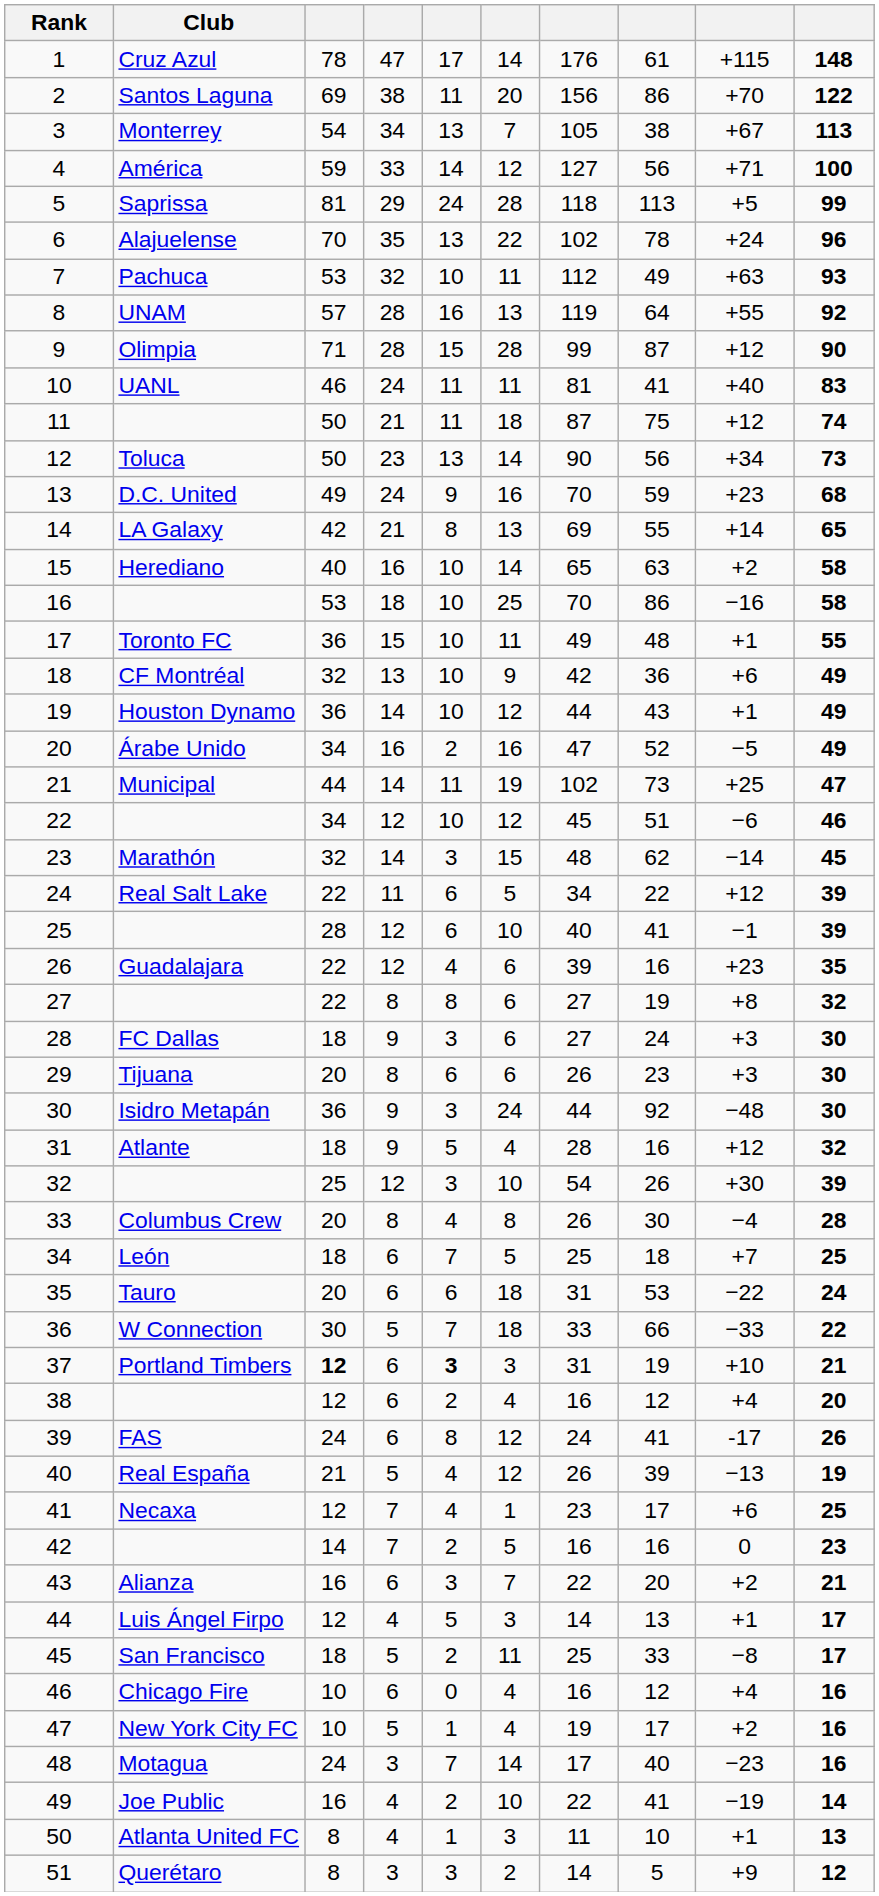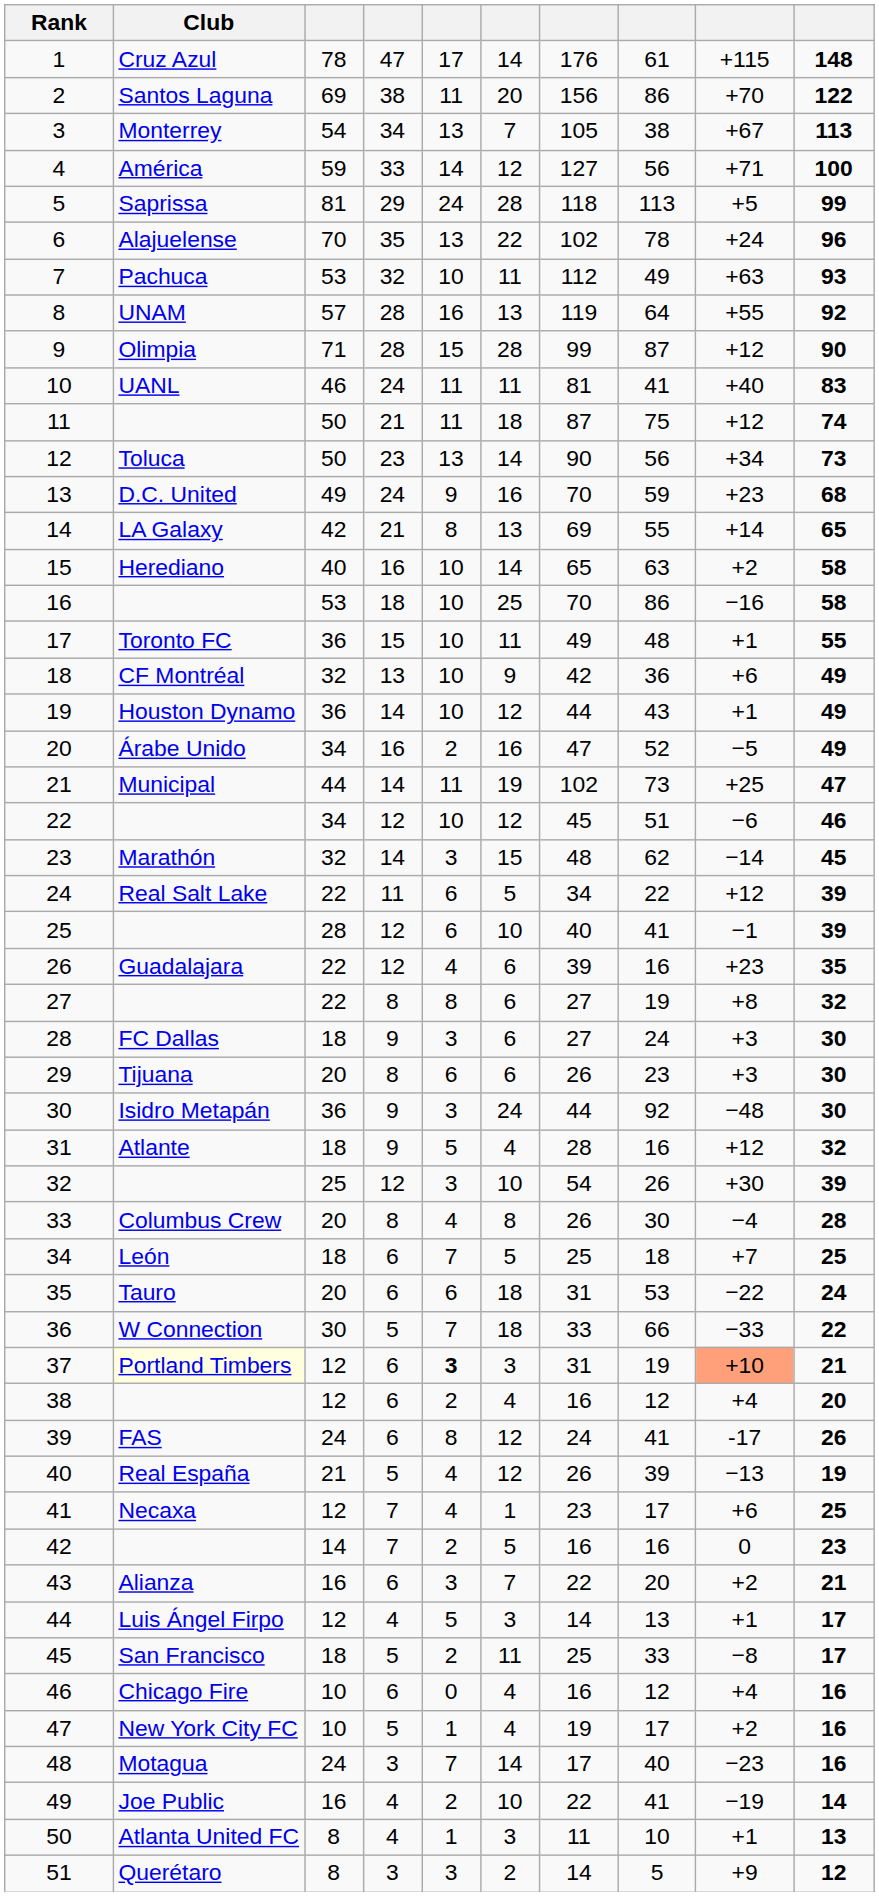 <table class="wikitable sortable" style="text-align:center">
 <tr>
 <th>Rank</th>
 <th width=22%>Club</th>
 <th></th>
 <th></th>
 <th></th>
 <th></th>
 <th></th>
 <th></th>
 <th></th>
 <th></th>
 </tr>
 <tr>
 <td>1</td>
 <td align=left> <a href='#'>Cruz Azul</a></td>
 <td>78</td>
 <td>47</td>
 <td>17</td>
 <td>14</td>
 <td>176</td>
 <td>61</td>
 <td>+115</td>
 <td><strong>148</strong></td>
 </tr>
 <tr>
 <td>2</td>
 <td align=left> <a href='#'>Santos Laguna</a></td>
 <td>69</td>
 <td>38</td>
 <td>11</td>
 <td>20</td>
 <td>156</td>
 <td>86</td>
 <td>+70</td>
 <td><strong>122</strong></td>
 </tr>
 <tr>
 <td>3</td>
 <td align=left> <a href='#'>Monterrey</a></td>
 <td>54</td>
 <td>34</td>
 <td>13</td>
 <td>7</td>
 <td>105</td>
 <td>38</td>
 <td>+67</td>
 <td><strong>113</strong></td>
 </tr>
 <tr>
 <td>4</td>
 <td align=left> <a href='#'>América</a></td>
 <td>59</td>
 <td>33</td>
 <td>14</td>
 <td>12</td>
 <td>127</td>
 <td>56</td>
 <td>+71</td>
 <td><strong>100</strong></td>
 </tr>
 <tr>
 <td>5</td>
 <td align=left> <a href='#'>Saprissa</a></td>
 <td>81</td>
 <td>29</td>
 <td>24</td>
 <td>28</td>
 <td>118</td>
 <td>113</td>
 <td>+5</td>
 <td><strong>99</strong></td>
 </tr>
 <tr>
 <td>6</td>
 <td align=left> <a href='#'>Alajuelense</a></td>
 <td>70</td>
 <td>35</td>
 <td>13</td>
 <td>22</td>
 <td>102</td>
 <td>78</td>
 <td>+24</td>
 <td><strong>96</strong></td>
 </tr>
 <tr>
 <td>7</td>
 <td align=left> <a href='#'>Pachuca</a></td>
 <td>53</td>
 <td>32</td>
 <td>10</td>
 <td>11</td>
 <td>112</td>
 <td>49</td>
 <td>+63</td>
 <td><strong>93</strong></td>
 </tr>
 <tr>
 <td>8</td>
 <td align=left> <a href='#'>UNAM</a></td>
 <td>57</td>
 <td>28</td>
 <td>16</td>
 <td>13</td>
 <td>119</td>
 <td>64</td>
 <td>+55</td>
 <td><strong>92</strong></td>
 </tr>
 <tr>
 <td>9</td>
 <td align=left> <a href='#'>Olimpia</a></td>
 <td>71</td>
 <td>28</td>
 <td>15</td>
 <td>28</td>
 <td>99</td>
 <td>87</td>
 <td>+12</td>
 <td><strong>90</strong></td>
 </tr>
 <tr>
 <td>10</td>
 <td align="left"> <a href='#'>UANL</a></td>
 <td>46</td>
 <td>24</td>
 <td>11</td>
 <td>11</td>
 <td>81</td>
 <td>41</td>
 <td>+40</td>
 <td><strong>83</strong></td>
 </tr>
 <tr>
 <td>11</td>
 <td align=left></td>
 <td>50</td>
 <td>21</td>
 <td>11</td>
 <td>18</td>
 <td>87</td>
 <td>75</td>
 <td>+12</td>
 <td><strong>74</strong></td>
 </tr>
 <tr>
 <td>12</td>
 <td align=left> <a href='#'>Toluca</a></td>
 <td>50</td>
 <td>23</td>
 <td>13</td>
 <td>14</td>
 <td>90</td>
 <td>56</td>
 <td>+34</td>
 <td><strong>73</strong></td>
 </tr>
 <tr>
 <td>13</td>
 <td align=left> <a href='#'>D.C. United</a></td>
 <td>49</td>
 <td>24</td>
 <td>9</td>
 <td>16</td>
 <td>70</td>
 <td>59</td>
 <td>+23</td>
 <td><strong>68</strong></td>
 </tr>
 <tr>
 <td>14</td>
 <td align=left> <a href='#'>LA Galaxy</a></td>
 <td>42</td>
 <td>21</td>
 <td>8</td>
 <td>13</td>
 <td>69</td>
 <td>55</td>
 <td>+14</td>
 <td><strong>65</strong></td>
 </tr>
 <tr>
 <td>15</td>
 <td align="left"> <a href='#'>Herediano</a></td>
 <td>40</td>
 <td>16</td>
 <td>10</td>
 <td>14</td>
 <td>65</td>
 <td>63</td>
 <td>+2</td>
 <td><strong>58</strong></td>
 </tr>
 <tr>
 <td>16</td>
 <td align=left></td>
 <td>53</td>
 <td>18</td>
 <td>10</td>
 <td>25</td>
 <td>70</td>
 <td>86</td>
 <td>−16</td>
 <td><strong>58</strong></td>
 </tr>
 <tr>
 <td>17</td>
 <td align=left> <a href='#'>Toronto FC</a></td>
 <td>36</td>
 <td>15</td>
 <td>10</td>
 <td>11</td>
 <td>49</td>
 <td>48</td>
 <td>+1</td>
 <td><strong>55</strong></td>
 </tr>
 <tr>
 <td>18</td>
 <td align="left"> <a href='#'>CF Montréal</a></td>
 <td>32</td>
 <td>13</td>
 <td>10</td>
 <td>9</td>
 <td>42</td>
 <td>36</td>
 <td>+6</td>
 <td><strong>49</strong></td>
 </tr>
 <tr>
 <td>19</td>
 <td align=left> <a href='#'>Houston Dynamo</a></td>
 <td>36</td>
 <td>14</td>
 <td>10</td>
 <td>12</td>
 <td>44</td>
 <td>43</td>
 <td>+1</td>
 <td><strong>49</strong></td>
 </tr>
 <tr>
 <td>20</td>
 <td align=left> <a href='#'>Árabe Unido</a></td>
 <td>34</td>
 <td>16</td>
 <td>2</td>
 <td>16</td>
 <td>47</td>
 <td>52</td>
 <td>−5</td>
 <td><strong>49</strong></td>
 </tr>
 <tr>
 <td>21</td>
 <td align=left> <a href='#'>Municipal</a></td>
 <td>44</td>
 <td>14</td>
 <td>11</td>
 <td>19</td>
 <td>102</td>
 <td>73</td>
 <td>+25</td>
 <td><strong>47</strong></td>
 </tr>
 <tr>
 <td>22</td>
 <td align=left></td>
 <td>34</td>
 <td>12</td>
 <td>10</td>
 <td>12</td>
 <td>45</td>
 <td>51</td>
 <td>−6</td>
 <td><strong>46</strong></td>
 </tr>
 <tr>
 <td>23</td>
 <td align=left> <a href='#'>Marathón</a></td>
 <td>32</td>
 <td>14</td>
 <td>3</td>
 <td>15</td>
 <td>48</td>
 <td>62</td>
 <td>−14</td>
 <td><strong>45</strong></td>
 </tr>
 <tr>
 <td>24</td>
 <td align="left"> <a href='#'>Real Salt Lake</a></td>
 <td>22</td>
 <td>11</td>
 <td>6</td>
 <td>5</td>
 <td>34</td>
 <td>22</td>
 <td>+12</td>
 <td><strong>39</strong></td>
 </tr>
 <tr>
 <td>25</td>
 <td align=left></td>
 <td>28</td>
 <td>12</td>
 <td>6</td>
 <td>10</td>
 <td>40</td>
 <td>41</td>
 <td>−1</td>
 <td><strong>39</strong></td>
 </tr>
 <tr>
 <td>26</td>
 <td align=left> <a href='#'>Guadalajara</a></td>
 <td>22</td>
 <td>12</td>
 <td>4</td>
 <td>6</td>
 <td>39</td>
 <td>16</td>
 <td>+23</td>
 <td><strong>35</strong></td>
 </tr>
 <tr>
 <td>27</td>
 <td align="left"></td>
 <td>22</td>
 <td>8</td>
 <td>8</td>
 <td>6</td>
 <td>27</td>
 <td>19</td>
 <td>+8</td>
 <td><strong>32</strong></td>
 </tr>
 <tr>
 <td>28</td>
 <td align="left"> <a href='#'>FC Dallas</a></td>
 <td>18</td>
 <td>9</td>
 <td>3</td>
 <td>6</td>
 <td>27</td>
 <td>24</td>
 <td>+3</td>
 <td><strong>30</strong></td>
 </tr>
 <tr>
 <td>29</td>
 <td align="left"> <a href='#'>Tijuana</a></td>
 <td>20</td>
 <td>8</td>
 <td>6</td>
 <td>6</td>
 <td>26</td>
 <td>23</td>
 <td>+3</td>
 <td><strong>30</strong></td>
 </tr>
 <tr>
 <td>30</td>
 <td align="left"> <a href='#'>Isidro Metapán</a></td>
 <td>36</td>
 <td>9</td>
 <td>3</td>
 <td>24</td>
 <td>44</td>
 <td>92</td>
 <td>−48</td>
 <td><strong>30</strong></td>
 </tr>
 <tr>
 <td>31</td>
 <td align=left> <a href='#'>Atlante</a></td>
 <td>18</td>
 <td>9</td>
 <td>5</td>
 <td>4</td>
 <td>28</td>
 <td>16</td>
 <td>+12</td>
 <td><strong>32</strong></td>
 </tr>
 <tr>
 <td>32</td>
 <td align=left></td>
 <td>25</td>
 <td>12</td>
 <td>3</td>
 <td>10</td>
 <td>54</td>
 <td>26</td>
 <td>+30</td>
 <td><strong>39</strong></td>
 </tr>
 <tr>
 <td>33</td>
 <td align=left> <a href='#'>Columbus Crew</a></td>
 <td>20</td>
 <td>8</td>
 <td>4</td>
 <td>8</td>
 <td>26</td>
 <td>30</td>
 <td>−4</td>
 <td><strong>28</strong></td>
 </tr>
 <tr>
 <td>34</td>
 <td align=left> <a href='#'>León</a></td>
 <td>18</td>
 <td>6</td>
 <td>7</td>
 <td>5</td>
 <td>25</td>
 <td>18</td>
 <td>+7</td>
 <td><strong>25</strong></td>
 </tr>
 <tr>
 <td>35</td>
 <td align="left"> <a href='#'>Tauro</a></td>
 <td>20</td>
 <td>6</td>
 <td>6</td>
 <td>18</td>
 <td>31</td>
 <td>53</td>
 <td>−22</td>
 <td><strong>24</strong></td>
 </tr>
 <tr>
 <td>36</td>
 <td align=left> <a href='#'>W Connection</a></td>
 <td>30</td>
 <td>5</td>
 <td>7</td>
 <td>18</td>
 <td>33</td>
 <td>66</td>
 <td>−33</td>
 <td><strong>22</strong></td>
 </tr>
 <tr>
 <td>37</td>
-<td align=left> <a href='#'>Portland Timbers</a></td>
-<td><strong>12</strong></td>
+<td align=left style="background: lightyellow;"> <a href='#'>Portland Timbers</a></td>
+<td>12</td>
 <td>6</td>
 <td><strong>3</strong></td>
 <td>3</td>
 <td>31</td>
 <td>19</td>
-<td>+10</td>
+<td style="background: lightsalmon;">+10</td>
 <td><strong>21</strong></td>
 </tr>
 <tr>
 <td>38</td>
 <td align=left></td>
 <td>12</td>
 <td>6</td>
 <td>2</td>
 <td>4</td>
 <td>16</td>
 <td>12</td>
 <td>+4</td>
 <td><strong>20</strong></td>
 </tr>
 <tr>
 <td>39</td>
 <td align=left> <a href='#'>FAS</a></td>
 <td>24</td>
 <td>6</td>
 <td>8</td>
 <td>12</td>
 <td>24</td>
 <td>41</td>
 <td>-17</td>
 <td><strong>26</strong></td>
 </tr>
 <tr>
 <td>40</td>
 <td align=left> <a href='#'>Real España</a></td>
 <td>21</td>
 <td>5</td>
 <td>4</td>
 <td>12</td>
 <td>26</td>
 <td>39</td>
 <td>−13</td>
 <td><strong>19</strong></td>
 </tr>
 <tr>
 <td>41</td>
 <td align=left> <a href='#'>Necaxa</a></td>
 <td>12</td>
 <td>7</td>
 <td>4</td>
 <td>1</td>
 <td>23</td>
 <td>17</td>
 <td>+6</td>
 <td><strong>25</strong></td>
 </tr>
 <tr>
 <td>42</td>
 <td align=left></td>
 <td>14</td>
 <td>7</td>
 <td>2</td>
 <td>5</td>
 <td>16</td>
 <td>16</td>
 <td>0</td>
 <td><strong>23</strong></td>
 </tr>
 <tr>
 <td>43</td>
 <td align=left> <a href='#'>Alianza</a></td>
 <td>16</td>
 <td>6</td>
 <td>3</td>
 <td>7</td>
 <td>22</td>
 <td>20</td>
 <td>+2</td>
 <td><strong>21</strong></td>
 </tr>
 <tr>
 <td>44</td>
 <td align=left> <a href='#'>Luis Ángel Firpo</a></td>
 <td>12</td>
 <td>4</td>
 <td>5</td>
 <td>3</td>
 <td>14</td>
 <td>13</td>
 <td>+1</td>
 <td><strong>17</strong></td>
 </tr>
 <tr>
 <td>45</td>
 <td align=left> <a href='#'>San Francisco</a></td>
 <td>18</td>
 <td>5</td>
 <td>2</td>
 <td>11</td>
 <td>25</td>
 <td>33</td>
 <td>−8</td>
 <td><strong>17</strong></td>
 </tr>
 <tr>
 <td>46</td>
 <td align=left> <a href='#'>Chicago Fire</a></td>
 <td>10</td>
 <td>6</td>
 <td>0</td>
 <td>4</td>
 <td>16</td>
 <td>12</td>
 <td>+4</td>
 <td><strong>16</strong></td>
 </tr>
 <tr>
 <td>47</td>
 <td align="left"> <a href='#'>New York City FC</a></td>
 <td>10</td>
 <td>5</td>
 <td>1</td>
 <td>4</td>
 <td>19</td>
 <td>17</td>
 <td>+2</td>
 <td><strong>16</strong></td>
 </tr>
 <tr>
 <td>48</td>
 <td align=left> <a href='#'>Motagua</a></td>
 <td>24</td>
 <td>3</td>
 <td>7</td>
 <td>14</td>
 <td>17</td>
 <td>40</td>
 <td>−23</td>
 <td><strong>16</strong></td>
 </tr>
 <tr>
 <td>49</td>
 <td align=left> <a href='#'>Joe Public</a></td>
 <td>16</td>
 <td>4</td>
 <td>2</td>
 <td>10</td>
 <td>22</td>
 <td>41</td>
 <td>−19</td>
 <td><strong>14</strong></td>
 </tr>
 <tr>
 <td>50</td>
 <td align="left"> <a href='#'>Atlanta United FC</a></td>
 <td>8</td>
 <td>4</td>
 <td>1</td>
 <td>3</td>
 <td>11</td>
 <td>10</td>
 <td>+1</td>
 <td><strong>13</strong></td>
 </tr>
 <tr>
 <td>51</td>
 <td align=left> <a href='#'>Querétaro</a></td>
 <td>8</td>
 <td>3</td>
 <td>3</td>
 <td>2</td>
 <td>14</td>
 <td>5</td>
 <td>+9</td>
 <td><strong>12</strong></td>
 </tr>
 </table>
